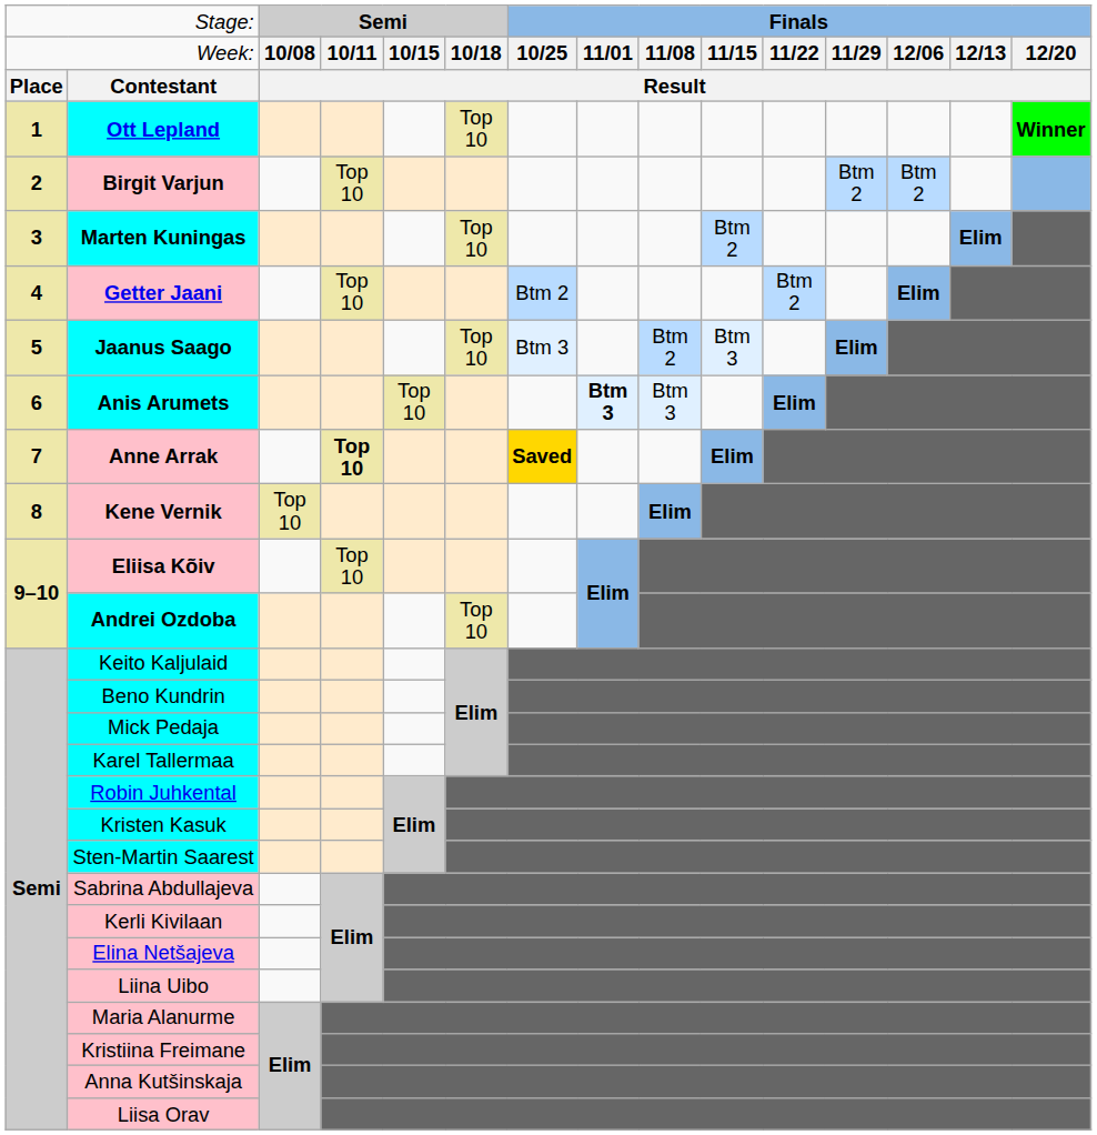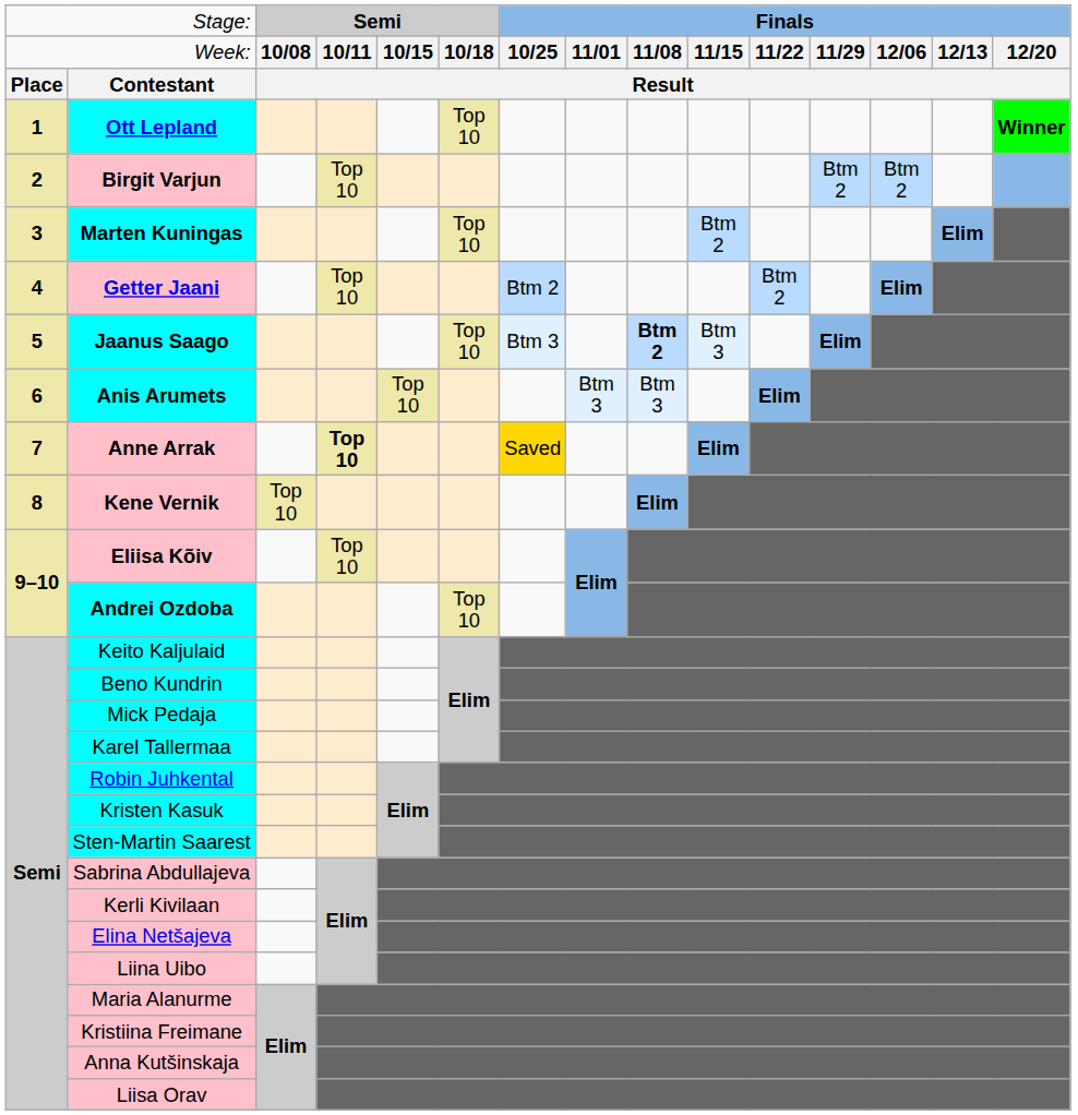 <table class="wikitable" style="margin:1em auto; text-align:center; font-size:85%">
 <tr>
 <td style="text-align:right;" colspan="2"><em>Stage:</em></td>
 <td style="background:#ccc;" colspan="4"><strong>Semi</strong></td>
 <td style="background:#8ab8e6;" colspan="9"><strong>Finals</strong></td>
 </tr>
 <tr>
 <td style="text-align:right;" colspan="2"><em>Week:</em></td>
 <th width=35>10/08</th>
 <th width=35>10/11</th>
 <th width=35>10/15</th>
 <th width=35>10/18</th>
 <th width=35>10/25</th>
 <th width=35>11/01</th>
 <th width=35>11/08</th>
 <th width=35>11/15</th>
 <th width=35>11/22</th>
 <th width=35>11/29</th>
 <th width=35>12/06</th>
 <th width=35>12/13</th>
 <th width=35>12/20</th>
 </tr>
 <tr>
 <th>Place</th>
 <th>Contestant</th>
 <th colspan="19" align="center">Result</th>
 </tr>
 <tr>
 <td align="center" bgcolor="palegoldenrod"><strong>1</strong></td>
 <td bgcolor="cyan"><strong><a href='#'>Ott Lepland</a></strong></td>
 <td style="background:#ffebcd;"></td>
 <td style="background:#ffebcd;"></td>
 <td></td>
 <td bgcolor="palegoldenrod" align="center">Top 10</td>
 <td></td>
 <td></td>
 <td></td>
 <td></td>
 <td></td>
 <td></td>
 <td></td>
 <td></td>
 <td style="background:Lime; text-align:center;"><strong>Winner</strong></td>
 </tr>
 <tr>
 <td align="center" bgcolor="palegoldenrod"><strong>2</strong></td>
 <td bgcolor="pink"><strong>Birgit Varjun</strong></td>
 <td></td>
 <td bgcolor="palegoldenrod" align="center">Top 10</td>
 <td style="background:#ffebcd;"></td>
 <td style="background:#ffebcd;"></td>
 <td></td>
 <td></td>
 <td></td>
 <td></td>
 <td></td>
 <td style="background:#b8dbff;">Btm 2</td>
 <td style="background:#b8dbff;">Btm 2</td>
 <td></td>
 <td style="background:#8ab8e6;"><strong></strong></td>
 </tr>
 <tr>
 <td align="center" bgcolor="palegoldenrod"><strong>3</strong></td>
 <td bgcolor="cyan"><strong>Marten Kuningas</strong></td>
 <td style="background:#ffebcd;"></td>
 <td style="background:#ffebcd;"></td>
 <td></td>
 <td bgcolor="palegoldenrod" align="center">Top 10</td>
 <td></td>
 <td></td>
 <td></td>
 <td style="background:#b8dbff;">Btm 2</td>
 <td></td>
 <td></td>
 <td></td>
 <td style="background:#8ab8e6;"><strong>Elim</strong></td>
 <td colspan="1" style="background:#666666"></td>
 </tr>
 <tr>
 <td align="center" bgcolor="palegoldenrod"><strong>4</strong></td>
 <td bgcolor="pink"><strong><a href='#'>Getter Jaani</a></strong></td>
 <td></td>
 <td bgcolor="palegoldenrod" align="center">Top 10</td>
 <td style="background:#ffebcd;"></td>
 <td style="background:#ffebcd;"></td>
 <td style="background:#b8dbff;">Btm 2</td>
 <td></td>
 <td></td>
 <td></td>
 <td style="background:#b8dbff;">Btm 2</td>
 <td></td>
 <td style="background:#8ab8e6;"><strong>Elim</strong></td>
 <td colspan="2" style="background:#666666"></td>
 </tr>
 <tr>
 <td align="center" bgcolor="palegoldenrod"><strong>5</strong></td>
 <td bgcolor="cyan"><strong>Jaanus Saago</strong></td>
 <td style="background:#ffebcd;"></td>
 <td style="background:#ffebcd;"></td>
 <td></td>
 <td bgcolor="palegoldenrod" align="center">Top 10</td>
 <td style="background:#e0f0ff;">Btm 3</td>
 <td></td>
-<td style="background:#b8dbff;">Btm 2</td>
+<td style="background:#b8dbff;"><strong>Btm 2</strong></td>
 <td style="background:#e0f0ff;">Btm 3</td>
 <td></td>
 <td style="background:#8ab8e6;"><strong>Elim</strong></td>
 <td colspan="3" style="background:#666666"></td>
 </tr>
 <tr>
 <td align="center" bgcolor="palegoldenrod"><strong>6</strong></td>
 <td bgcolor="cyan"><strong>Anis Arumets</strong></td>
 <td style="background:#ffebcd;"></td>
 <td style="background:#ffebcd;"></td>
 <td bgcolor="palegoldenrod" align="center">Top 10</td>
 <td style="background:#ffebcd;"></td>
 <td></td>
-<td style="background:#e0f0ff;"><strong>Btm 3</strong></td>
+<td style="background:#e0f0ff;">Btm 3</td>
 <td style="background:#e0f0ff;">Btm 3</td>
 <td></td>
 <td style="background:#8ab8e6;"><strong>Elim</strong></td>
 <td colspan="4" style="background:#666666"></td>
 </tr>
 <tr>
 <td align="center" bgcolor="palegoldenrod"><strong>7</strong></td>
 <td bgcolor="pink"><strong>Anne Arrak</strong></td>
 <td></td>
 <td bgcolor="palegoldenrod" align="center"><strong>Top 10</strong></td>
 <td style="background:#ffebcd;"></td>
 <td style="background:#ffebcd;"></td>
-<td bgcolor="gold"><strong>Saved</strong></td>
+<td bgcolor="gold">Saved</td>
 <td></td>
 <td></td>
 <td style="background:#8ab8e6;"><strong>Elim</strong></td>
 <td colspan="5" style="background:#666666"></td>
 </tr>
 <tr>
 <td align="center" bgcolor="palegoldenrod"><strong>8</strong></td>
 <td bgcolor="pink"><strong>Kene Vernik</strong></td>
 <td bgcolor="palegoldenrod" align="center">Top 10</td>
 <td style="background:#ffebcd;"></td>
 <td style="background:#ffebcd;"></td>
 <td style="background:#ffebcd;"></td>
 <td></td>
 <td></td>
 <td style="background:#8ab8e6;"><strong>Elim</strong></td>
 <td colspan="6" style="background:#666666"></td>
 </tr>
 <tr>
 <td align="center" bgcolor="palegoldenrod" rowspan="2"><strong>9–10</strong></td>
 <td bgcolor="pink"><strong>Eliisa Kõiv</strong></td>
 <td></td>
 <td bgcolor="palegoldenrod" align="center">Top 10</td>
 <td style="background:#ffebcd;"></td>
 <td style="background:#ffebcd;"></td>
 <td></td>
 <td style="background:#8ab8e6;" rowspan="2"><strong>Elim</strong></td>
 <td colspan="7" style="background:#666666"></td>
 </tr>
 <tr>
 <td bgcolor="cyan"><strong>Andrei Ozdoba</strong></td>
 <td style="background:#ffebcd;"></td>
 <td style="background:#ffebcd;"></td>
 <td></td>
 <td bgcolor="palegoldenrod" align="center">Top 10</td>
 <td></td>
 <td colspan="7" style="background:#666666"></td>
 </tr>
 <tr>
 <td bgcolor="CCCCCC" align="center" rowspan="15"><strong>Semi</strong></td>
 <td bgcolor="cyan">Keito Kaljulaid</td>
 <td style="background:#ffebcd;"></td>
 <td style="background:#ffebcd;"></td>
 <td></td>
 <td rowspan=4 bgcolor="CCCCCC"><strong>Elim</strong></td>
 <td colspan="10" style="background:#666666"></td>
 </tr>
 <tr>
 <td bgcolor="cyan">Beno Kundrin</td>
 <td style="background:#ffebcd;"></td>
 <td style="background:#ffebcd;"></td>
 <td></td>
 <td colspan="10" style="background:#666666"></td>
 </tr>
 <tr>
 <td bgcolor="cyan">Mick Pedaja</td>
 <td style="background:#ffebcd;"></td>
 <td style="background:#ffebcd;"></td>
 <td></td>
 <td colspan="10" style="background:#666666"></td>
 </tr>
 <tr>
 <td bgcolor="cyan">Karel Tallermaa</td>
 <td style="background:#ffebcd;"></td>
 <td style="background:#ffebcd;"></td>
 <td></td>
 <td colspan="10" style="background:#666666"></td>
 </tr>
 <tr>
 <td bgcolor="cyan"><a href='#'>Robin Juhkental</a></td>
 <td style="background:#ffebcd;"></td>
 <td style="background:#ffebcd;"></td>
 <td rowspan=3 bgcolor="CCCCCC"><strong>Elim</strong></td>
 <td colspan="11" style="background:#666666"></td>
 </tr>
 <tr>
 <td bgcolor="cyan">Kristen Kasuk</td>
 <td style="background:#ffebcd;"></td>
 <td style="background:#ffebcd;"></td>
 <td colspan="11" style="background:#666666"></td>
 </tr>
 <tr>
 <td bgcolor="cyan">Sten-Martin Saarest</td>
 <td style="background:#ffebcd;"></td>
 <td style="background:#ffebcd;"></td>
 <td colspan="11" style="background:#666666"></td>
 </tr>
 <tr>
 <td bgcolor="pink">Sabrina Abdullajeva</td>
 <td></td>
 <td rowspan=4 bgcolor="CCCCCC"><strong>Elim</strong></td>
 <td colspan="11" style="background:#666666"></td>
 </tr>
 <tr>
 <td bgcolor="pink">Kerli Kivilaan</td>
 <td></td>
 <td colspan="11" style="background:#666666"></td>
 </tr>
 <tr>
 <td bgcolor="pink"><a href='#'>Elina Netšajeva</a></td>
 <td></td>
 <td colspan="11" style="background:#666666"></td>
 </tr>
 <tr>
 <td bgcolor="pink">Liina Uibo</td>
 <td></td>
 <td colspan="11" style="background:#666666"></td>
 </tr>
 <tr>
 <td bgcolor="pink">Maria Alanurme</td>
 <td rowspan=4 bgcolor="CCCCCC"><strong>Elim</strong></td>
 <td colspan="12" style="background:#666666"></td>
 </tr>
 <tr>
 <td bgcolor="pink">Kristiina Freimane</td>
 <td colspan="12" style="background:#666666"></td>
 </tr>
 <tr>
 <td bgcolor="pink">Anna Kutšinskaja</td>
 <td colspan="12" style="background:#666666"></td>
 </tr>
 <tr>
 <td bgcolor="pink">Liisa Orav</td>
 <td colspan="12" style="background:#666666"></td>
 </tr>
 </table>
